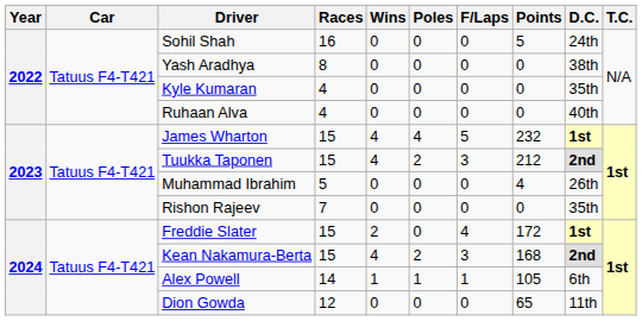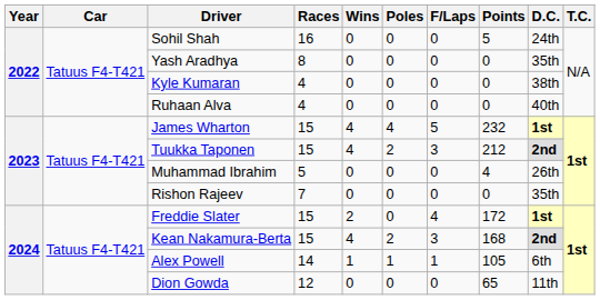 <table class="wikitable" style="font-size: 90%;">
 <tr>
 <th>Year</th>
 <th>Car</th>
 <th>Driver</th>
 <th>Races</th>
 <th>Wins</th>
 <th>Poles</th>
 <th>F/Laps</th>
 <th>Points</th>
 <th>D.C.</th>
 <th>T.C.</th>
 </tr>
 <tr>
 <th rowspan="4"><a href='#'>2022</a></th>
 <td rowspan="4"><a href='#'>Tatuus F4-T421</a></td>
 <td> Sohil Shah</td>
 <td>16</td>
 <td>0</td>
 <td>0</td>
 <td>0</td>
 <td>5</td>
 <td>24th</td>
 <td rowspan="4">N/A</td>
 </tr>
 <tr>
 <td> Yash Aradhya</td>
 <td>8</td>
 <td>0</td>
 <td>0</td>
 <td>0</td>
 <td>0</td>
-<td>38th</td>
+<td>35th</td>
 </tr>
 <tr>
 <td> <a href='#'>Kyle Kumaran</a></td>
 <td>4</td>
 <td>0</td>
 <td>0</td>
 <td>0</td>
 <td>0</td>
-<td>35th</td>
+<td>38th</td>
 </tr>
 <tr>
 <td> Ruhaan Alva</td>
 <td>4</td>
 <td>0</td>
 <td>0</td>
 <td>0</td>
 <td>0</td>
 <td>40th</td>
 </tr>
 <tr>
 <th rowspan="4"><a href='#'>2023</a></th>
 <td rowspan="4"><a href='#'>Tatuus F4-T421</a></td>
 <td> <a href='#'>James Wharton</a></td>
 <td>15</td>
 <td>4</td>
 <td>4</td>
 <td>5</td>
 <td>232</td>
 <td style="background:#FFFFBF;"><strong>1st</strong></td>
 <td rowspan="4" style="background:#FFFFBF;"><strong>1st</strong></td>
 </tr>
 <tr>
 <td> <a href='#'>Tuukka Taponen</a></td>
 <td>15</td>
 <td>4</td>
 <td>2</td>
 <td>3</td>
 <td>212</td>
 <td style="background:#DFDFDF;"><strong>2nd</strong></td>
 </tr>
 <tr>
 <td> Muhammad Ibrahim</td>
 <td>5</td>
 <td>0</td>
 <td>0</td>
 <td>0</td>
 <td>4</td>
 <td>26th</td>
 </tr>
 <tr>
 <td> Rishon Rajeev</td>
 <td>7</td>
 <td>0</td>
 <td>0</td>
 <td>0</td>
 <td>0</td>
 <td>35th</td>
 </tr>
 <tr>
 <th rowspan="4"><a href='#'>2024</a></th>
 <td rowspan="4"><a href='#'>Tatuus F4-T421</a></td>
 <td> <a href='#'>Freddie Slater</a></td>
 <td>15</td>
 <td>2</td>
 <td>0</td>
 <td>4</td>
 <td>172</td>
 <td style="background:#FFFFBF;"><strong>1st</strong></td>
 <td rowspan="4" style="background:#FFFFBF;"><strong>1st</strong></td>
 </tr>
 <tr>
 <td> <a href='#'>Kean Nakamura-Berta</a></td>
 <td>15</td>
 <td>4</td>
 <td>2</td>
 <td>3</td>
 <td>168</td>
 <td style="background:#DFDFDF;"><strong>2nd</strong></td>
 </tr>
 <tr>
 <td> <a href='#'>Alex Powell</a></td>
 <td>14</td>
 <td>1</td>
 <td>1</td>
 <td>1</td>
 <td>105</td>
 <td>6th</td>
 </tr>
 <tr>
 <td> <a href='#'>Dion Gowda</a></td>
 <td>12</td>
 <td>0</td>
 <td>0</td>
 <td>0</td>
 <td>65</td>
 <td>11th</td>
 </tr>
 </table>
